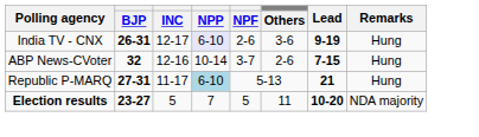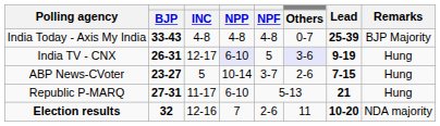 <table class="wikitable sortable" style="text-align:center">
 <tr>
 <th rowspan="2">Polling agency</th>
 <th style="background:"></th>
 <th style="background:"></th>
 <th style="background:"></th>
 <th style="text-align:center; background:"></th>
 <th style="background:gray;"></th>
 <th rowspan="2">Lead</th>
 <th rowspan="2">Remarks</th>
 </tr>
 <tr>
 <th><a href='#'>BJP</a></th>
 <th><a href='#'>INC</a></th>
 <th><a href='#'>NPP</a></th>
 <th><a href='#'>NPF</a></th>
 <th>Others</th>
 </tr>
 <tr>
+<td>India Today - Axis My India</td>
+<td style="background:"><strong>33-43</strong></td>
+<td>4-8</td>
+<td>4-8</td>
+<td>4-8</td>
+<td>0-7</td>
+<td style="background:"><strong>25-39</strong></td>
+<td>BJP Majority</td>
+</tr>
+<tr>
 <td>India TV - CNX</td>
 <td style="background:"><strong>26-31</strong></td>
 <td>12-17</td>
 <td style="background: lavender;">6-10</td>
-<td>2-6</td>
-<td>3-6</td>
+<td style="background:">5</td>
+<td style="background: lavender;">3-6</td>
 <td style="background:"><strong>9-19</strong></td>
 <td>Hung</td>
 </tr>
 <tr>
 <td>ABP News-CVoter</td>
-<td><strong>32</strong></td>
-<td>12-16</td>
+<td style="background:"><strong>23-27</strong></td>
+<td style="background:">5</td>
 <td>10-14</td>
 <td>3-7</td>
 <td>2-6</td>
 <td style="background:"><strong>7-15</strong></td>
 <td>Hung</td>
 </tr>
 <tr>
 <td>Republic P-MARQ</td>
 <td style="background:"><strong>27-31</strong></td>
 <td>11-17</td>
-<td style="background: lightblue;">6-10</td>
+<td>6-10</td>
 <td colspan="2">5-13</td>
 <td><strong>21</strong></td>
 <td>Hung</td>
 </tr>
 <tr>
 <td style="background:"><strong>Election results</strong></td>
-<td style="background:"><strong>23-27</strong></td>
-<td style="background:">5</td>
+<td><strong>32</strong></td>
+<td>12-16</td>
 <td style="background:">7</td>
-<td style="background:">5</td>
+<td>2-6</td>
 <td style="background:">11</td>
 <td style="background:"><strong>10-20</strong></td>
 <td style="background:">NDA majority</td>
 </tr>
 </table>
